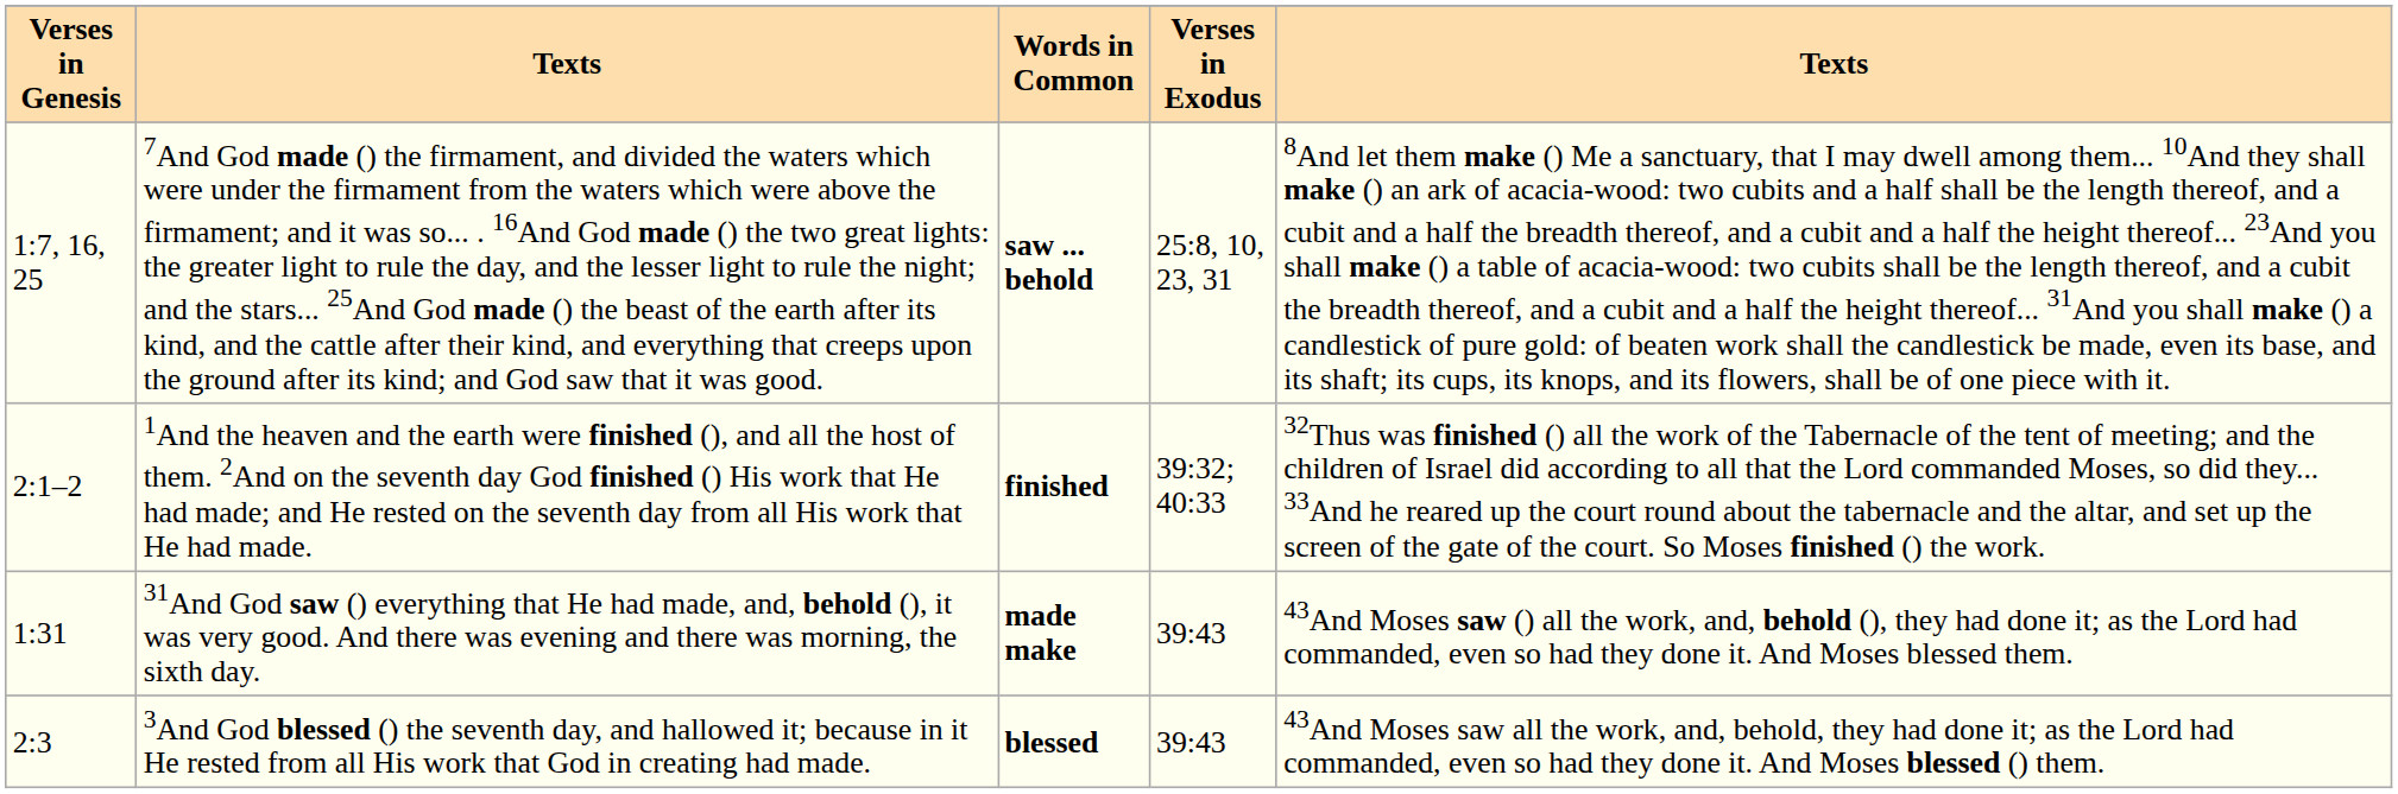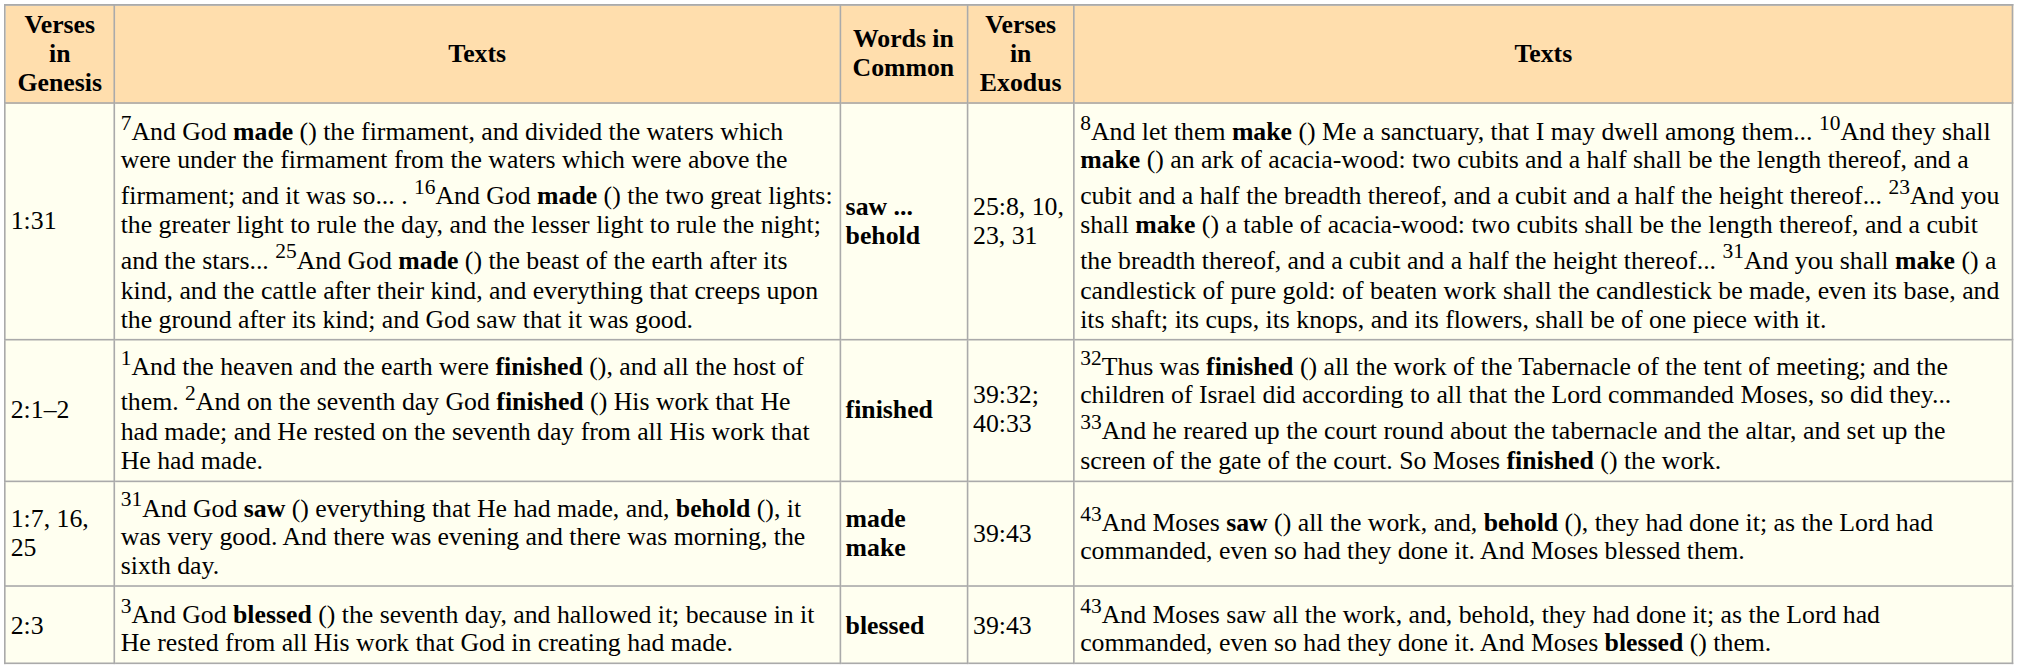 <table class="wikitable" style="background:Ivory;">
 <tr>
 </tr>
 <tr>
 <th style="background:Navajowhite;">Verses in Genesis</th>
 <th style="background:Navajowhite;">Texts</th>
 <th style="background:Navajowhite;">Words in Common</th>
 <th style="background:Navajowhite;">Verses in Exodus</th>
 <th style="background:Navajowhite;">Texts</th>
 </tr>
 <tr>
-<td>1:7, 16, 25</td>
+<td>1:31</td>
 <td><sup>7</sup>And God <strong>made</strong> () the firmament, and divided the waters which were under the firmament from the waters which were above the firmament; and it was so... . <sup>16</sup>And God <strong>made</strong> () the two great lights: the greater light to rule the day, and the lesser light to rule the night; and the stars... <sup>25</sup>And God <strong>made</strong> () the beast of the earth after its kind, and the cattle after their kind, and everything that creeps upon the ground after its kind; and God saw that it was good.</td>
 <td><strong>saw ... behold</strong><br></td>
 <td>25:8, 10, 23, 31</td>
 <td><sup>8</sup>And let them <strong>make</strong> () Me a sanctuary, that I may dwell among them... <sup>10</sup>And they shall <strong>make</strong> () an ark of acacia-wood: two cubits and a half shall be the length thereof, and a cubit and a half the breadth thereof, and a cubit and a half the height thereof... <sup>23</sup>And you shall <strong>make</strong> () a table of acacia-wood: two cubits shall be the length thereof, and a cubit the breadth thereof, and a cubit and a half the height thereof... <sup>31</sup>And you shall <strong>make</strong> () a candlestick of pure gold: of beaten work shall the candlestick be made, even its base, and its shaft; its cups, its knops, and its flowers, shall be of one piece with it.</td>
 </tr>
 <tr>
 <td>2:1–2</td>
 <td><sup>1</sup>And the heaven and the earth were <strong>finished</strong> (), and all the host of them. <sup>2</sup>And on the seventh day God <strong>finished</strong> () His work that He had made; and He rested on the seventh day from all His work that He had made.</td>
 <td><strong>finished</strong><br>  </td>
 <td>39:32; 40:33</td>
 <td><sup>32</sup>Thus was <strong>finished</strong> () all the work of the Tabernacle of the tent of meeting; and the children of Israel did according to all that the Lord commanded Moses, so did they... <sup>33</sup>And he reared up the court round about the tabernacle and the altar, and set up the screen of the gate of the court. So Moses <strong>finished</strong> () the work.</td>
 </tr>
 <tr>
-<td>1:31</td>
+<td>1:7, 16, 25</td>
 <td><sup>31</sup>And God <strong>saw</strong> () everything that He had made, and, <strong>behold</strong> (), it was very good. And there was evening and there was morning, the sixth day.</td>
 <td><strong>made</strong><br><strong>make</strong>   </td>
 <td>39:43</td>
 <td><sup>43</sup>And Moses <strong>saw</strong> () all the work, and, <strong>behold</strong> (), they had done it; as the Lord had commanded, even so had they done it. And Moses blessed them.</td>
 </tr>
 <tr>
 <td>2:3</td>
 <td><sup>3</sup>And God <strong>blessed</strong> () the seventh day, and hallowed it; because in it He rested from all His work that God in creating had made.</td>
 <td><strong>blessed</strong><br></td>
 <td>39:43</td>
 <td><sup>43</sup>And Moses saw all the work, and, behold, they had done it; as the Lord had commanded, even so had they done it. And Moses <strong>blessed</strong> () them.</td>
 </tr>
 </table>
